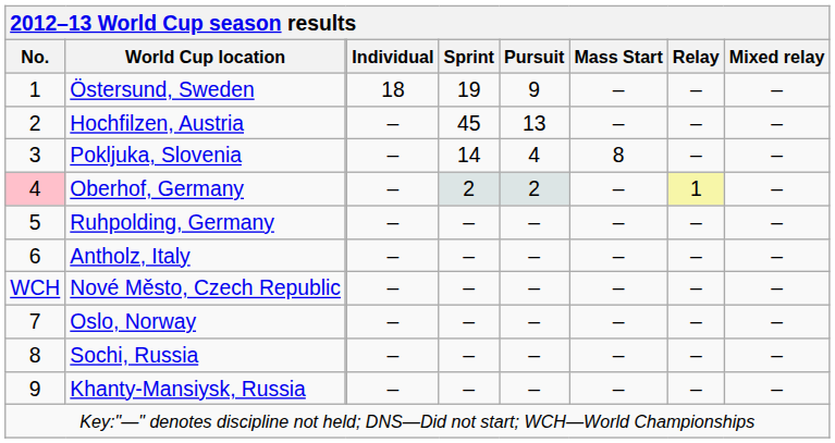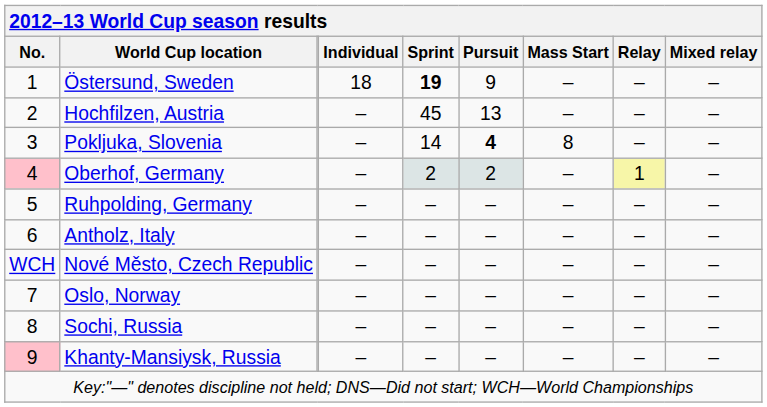 <table class="wikitable collapsible collapsed" style="font-size:90%; text-align:center; float:right; margin:1em 0 1em 1em;">
 <tr>
 <th colspan="9" style="white-space:nowrap; text-align:left;"><a href='#'>2012–13 World Cup season</a> results  </th>
 </tr>
 <tr>
 <th><small>No.</small></th>
 <th><small>World Cup location</small></th>
 <td rowspan="11" style="border-bottom-width:2x; padding:0;"></td>
 <th><small>Individual</small></th>
 <th><small>Sprint</small></th>
 <th><small>Pursuit</small></th>
 <th><small>Mass Start</small></th>
 <th><small>Relay</small></th>
 <th><small>Mixed relay</small></th>
 </tr>
 <tr>
 <td>1</td>
 <td style="text-align:left;"> <a href='#'>Östersund, Sweden</a></td>
 <td>18</td>
-<td>19</td>
+<td><strong>19</strong></td>
 <td>9</td>
 <td>–</td>
 <td>–</td>
 <td>–</td>
 </tr>
 <tr>
 <td>2</td>
 <td style="text-align:left;"> <a href='#'>Hochfilzen, Austria</a></td>
 <td>–</td>
 <td>45</td>
 <td>13</td>
 <td>–</td>
 <td>–</td>
 <td>–</td>
 </tr>
 <tr>
 <td>3</td>
 <td style="text-align:left;"> <a href='#'>Pokljuka, Slovenia</a></td>
 <td>–</td>
 <td>14</td>
-<td>4</td>
+<td><strong>4</strong></td>
 <td>8</td>
 <td>–</td>
 <td>–</td>
 </tr>
 <tr>
 <td style="background: pink;">4</td>
 <td style="text-align:left;"> <a href='#'>Oberhof, Germany</a></td>
 <td>–</td>
 <td style="background:#dce5e5;">2</td>
 <td style="background:#dce5e5;">2</td>
 <td>–</td>
 <td style="background:#f7f6a8;">1</td>
 <td>–</td>
 </tr>
 <tr>
 <td>5</td>
 <td style="text-align:left;"> <a href='#'>Ruhpolding, Germany</a></td>
 <td>–</td>
 <td>–</td>
 <td>–</td>
 <td>–</td>
 <td>–</td>
 <td>–</td>
 </tr>
 <tr>
 <td>6</td>
 <td style="text-align:left;"> <a href='#'>Antholz, Italy</a></td>
 <td>–</td>
 <td>–</td>
 <td>–</td>
 <td>–</td>
 <td>–</td>
 <td>–</td>
 </tr>
 <tr>
 <td><a href='#'>WCH</a></td>
 <td style="text-align:left;"> <a href='#'>Nové Město, Czech Republic</a></td>
 <td>–</td>
 <td>–</td>
 <td>–</td>
 <td>–</td>
 <td>–</td>
 <td>–</td>
 </tr>
 <tr>
 <td>7</td>
 <td style="text-align:left;"> <a href='#'>Oslo, Norway</a></td>
 <td>–</td>
 <td>–</td>
 <td>–</td>
 <td>–</td>
 <td>–</td>
 <td>–</td>
 </tr>
 <tr>
 <td>8</td>
 <td style="text-align:left;"> <a href='#'>Sochi, Russia</a></td>
 <td>–</td>
 <td>–</td>
 <td>–</td>
 <td>–</td>
 <td>–</td>
 <td>–</td>
 </tr>
 <tr>
-<td>9</td>
+<td style="background: pink;">9</td>
 <td style="text-align:left;"> <a href='#'>Khanty-Mansiysk, Russia</a></td>
 <td>–</td>
 <td>–</td>
 <td>–</td>
 <td>–</td>
 <td>–</td>
 <td>–</td>
 </tr>
 <tr>
 <td style="text-align:center;" colspan="9"><small><em>Key:"—" denotes discipline not held; DNS—Did not start; WCH—World Championships</em></small></td>
 </tr>
 </table>
